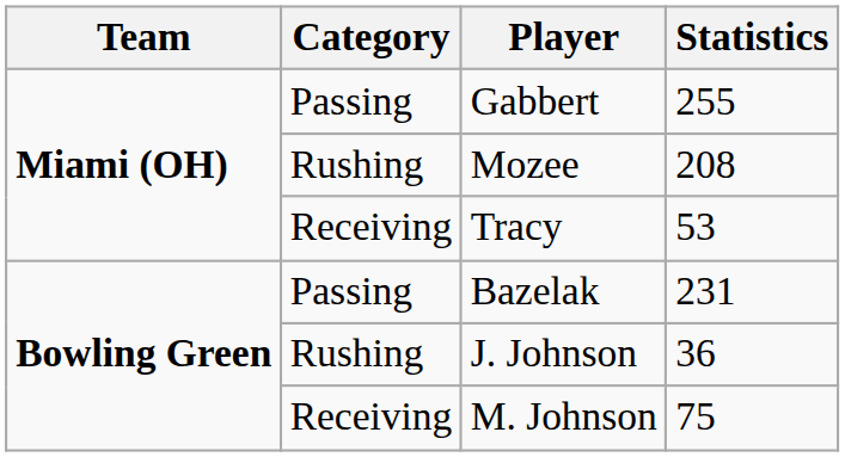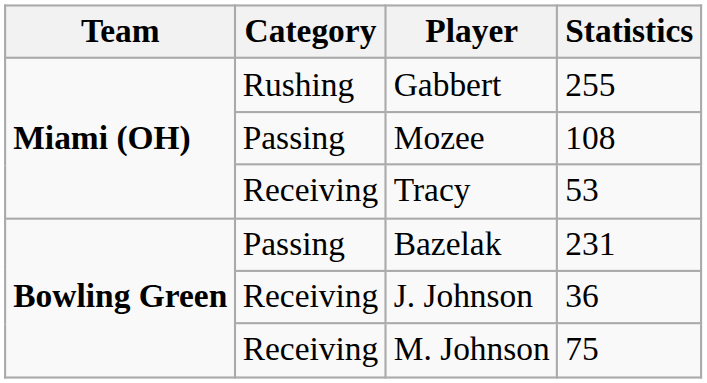 <table class="wikitable" style="float: right;">
 <tr>
 <th>Team</th>
 <th>Category</th>
 <th>Player</th>
 <th>Statistics</th>
 </tr>
 <tr>
 <td rowspan=3><strong>Miami (OH)</strong></td>
-<td>Passing</td>
+<td>Rushing</td>
 <td>Gabbert</td>
 <td>255</td>
 </tr>
 <tr>
-<td>Rushing</td>
+<td>Passing</td>
 <td>Mozee</td>
-<td>208</td>
+<td>108</td>
 </tr>
 <tr>
 <td>Receiving</td>
 <td>Tracy</td>
 <td>53</td>
 </tr>
 <tr>
 <td rowspan=3><strong>Bowling Green</strong></td>
 <td>Passing</td>
 <td>Bazelak</td>
 <td>231</td>
 </tr>
 <tr>
-<td>Rushing</td>
+<td>Receiving</td>
 <td>J. Johnson</td>
 <td>36</td>
 </tr>
 <tr>
 <td>Receiving</td>
 <td>M. Johnson</td>
 <td>75</td>
 </tr>
 </table>
